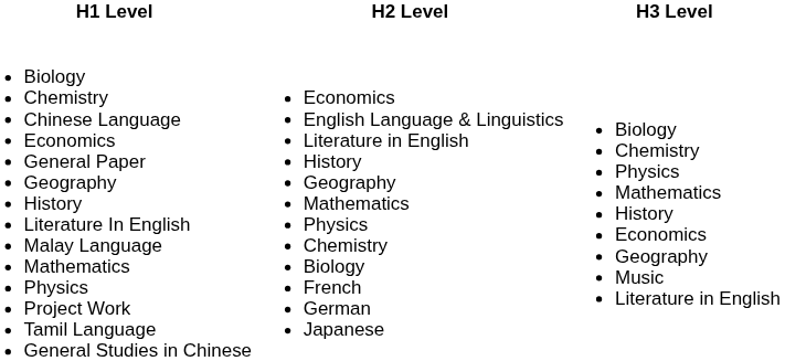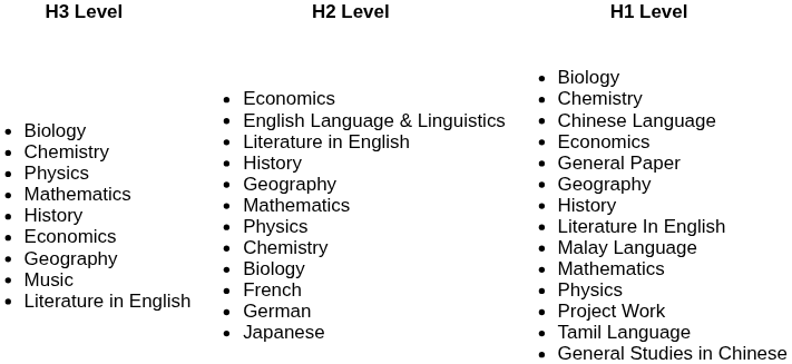 <table>
 <tr>
+<th>H3 Level</th>
+<th>H2 Level</th>
 <th>H1 Level</th>
-<th>H2 Level</th>
-<th>H3 Level</th>
 </tr>
 <tr>
+<td><br><ul><li>Biology</li><li>Chemistry</li><li>Physics</li><li>Mathematics</li><li>History</li><li>Economics</li><li>Geography</li><li>Music</li><li>Literature in English</li></ul></td>
+<td><br><ul><li>Economics</li><li>English Language & Linguistics</li><li>Literature in English</li><li>History</li><li>Geography</li><li>Mathematics</li><li>Physics</li><li>Chemistry</li><li>Biology</li><li>French</li><li>German</li><li>Japanese</li></ul></td>
 <td><br><ul><li>Biology</li><li>Chemistry</li><li>Chinese Language</li><li>Economics</li><li>General Paper</li><li>Geography</li><li>History</li><li>Literature In English</li><li>Malay Language</li><li>Mathematics</li><li>Physics</li><li>Project Work</li><li>Tamil Language</li><li>General Studies in Chinese</li></ul></td>
-<td><br><ul><li>Economics</li><li>English Language & Linguistics</li><li>Literature in English</li><li>History</li><li>Geography</li><li>Mathematics</li><li>Physics</li><li>Chemistry</li><li>Biology</li><li>French</li><li>German</li><li>Japanese</li></ul></td>
-<td><br><ul><li>Biology</li><li>Chemistry</li><li>Physics</li><li>Mathematics</li><li>History</li><li>Economics</li><li>Geography</li><li>Music</li><li>Literature in English</li></ul></td>
 </tr>
 </table>
